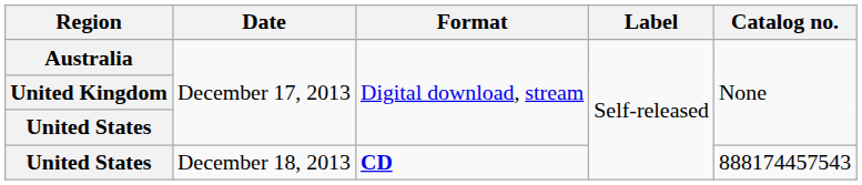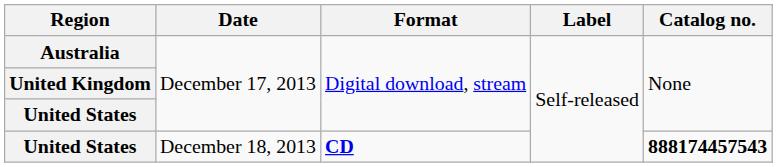 <table class="wikitable plainrowheaders">
 <tr>
 <th>Region</th>
 <th>Date</th>
 <th>Format</th>
 <th>Label</th>
 <th>Catalog no.</th>
 </tr>
 <tr>
 <th scope="row">Australia</th>
 <td rowspan="3">December 17, 2013</td>
 <td rowspan="3"><a href='#'>Digital download</a>, <a href='#'>stream</a></td>
 <td rowspan="4">Self-released</td>
 <td rowspan="3">None</td>
 </tr>
 <tr>
 <th scope="row">United Kingdom</th>
 </tr>
 <tr>
 <th scope="row">United States</th>
 </tr>
 <tr>
 <th scope="row">United States</th>
 <td>December 18, 2013</td>
 <td><strong><a href='#'>CD</a></strong></td>
-<td>888174457543</td>
+<td><strong>888174457543</strong></td>
 </tr>
 </table>
